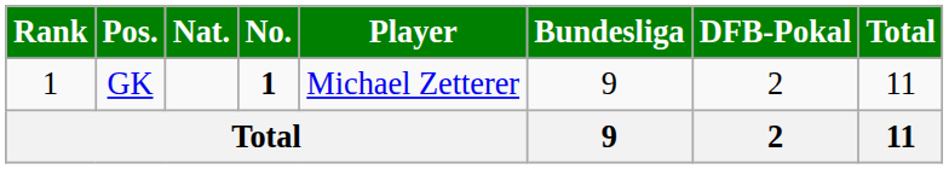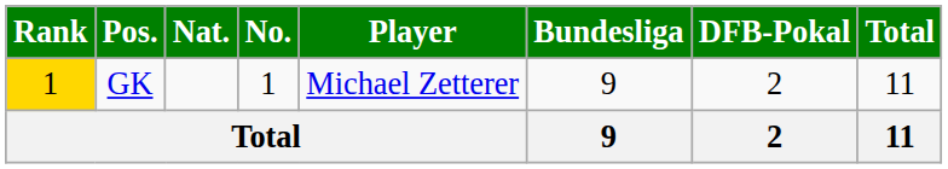 <table class="wikitable" style="font-size: 95%; text-align: center">
 <tr>
 <th style="background:#008000; color:white; text-align:center;"!width=80>Rank</th>
 <th style="background:#008000; color:white; text-align:center;"!width=80>Pos.</th>
 <th style="background:#008000; color:white; text-align:center;"!width=80>Nat.</th>
 <th style="background:#008000; color:white; text-align:center;"!width=80>No.</th>
 <th style="background:#008000; color:white; text-align:center;"!width=150>Player</th>
 <th style="background:#008000; color:white; text-align:center;"!width=150>Bundesliga</th>
 <th style="background:#008000; color:white; text-align:center;"!width=150>DFB-Pokal</th>
 <th style="background:#008000; color:white; text-align:center;"!width=80>Total</th>
 </tr>
 <tr>
-<td rowspan=1>1</td>
+<td rowspan=1 style="background: gold;">1</td>
 <td><a href='#'>GK</a></td>
 <td></td>
-<td><strong>1</strong></td>
+<td>1</td>
 <td><a href='#'>Michael Zetterer</a></td>
 <td>9</td>
 <td>2</td>
 <td>11</td>
 </tr>
 <tr>
 <th colspan=5>Total</th>
 <th>9</th>
 <th>2</th>
 <th>11</th>
 </tr>
 </table>
